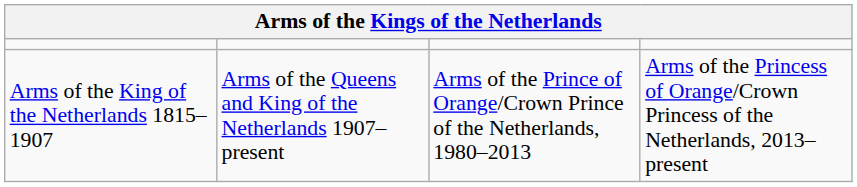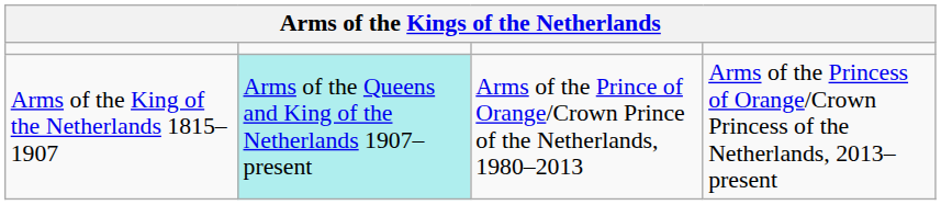 <table class="wikitable" width="100%">
 <tr>
 <th align=center colspan=4>Arms of the <a href='#'>Kings of the Netherlands</a></th>
 </tr>
 <tr>
 <td align=center width="25%"></td>
 <td align=center width="25%"></td>
 <td align=center width="25%"></td>
 <td align=center width="25%"></td>
 </tr>
 <tr>
 <td><a href='#'>Arms</a> of the <a href='#'>King of the Netherlands</a> 1815–1907</td>
-<td><a href='#'>Arms</a> of the <a href='#'>Queens and King of the Netherlands</a> 1907–present</td>
+<td style="background: paleturquoise;"><a href='#'>Arms</a> of the <a href='#'>Queens and King of the Netherlands</a> 1907–present</td>
 <td><a href='#'>Arms</a> of the <a href='#'>Prince of Orange</a>/Crown Prince of the Netherlands, 1980–2013</td>
 <td><a href='#'>Arms</a> of the <a href='#'>Princess of Orange</a>/Crown Princess of the Netherlands, 2013–present</td>
 </tr>
 </table>
